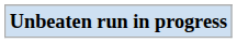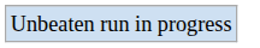 <table {| class="wikitable" style="text-align: center; font-size:95%">
 <tr>
 </tr>
 <tr>
-<td style="background: #CEE0F2"><strong>Unbeaten run in progress</strong></td>
+<td style="background: #CEE0F2">Unbeaten run in progress</td>
 </tr>
 </table>
